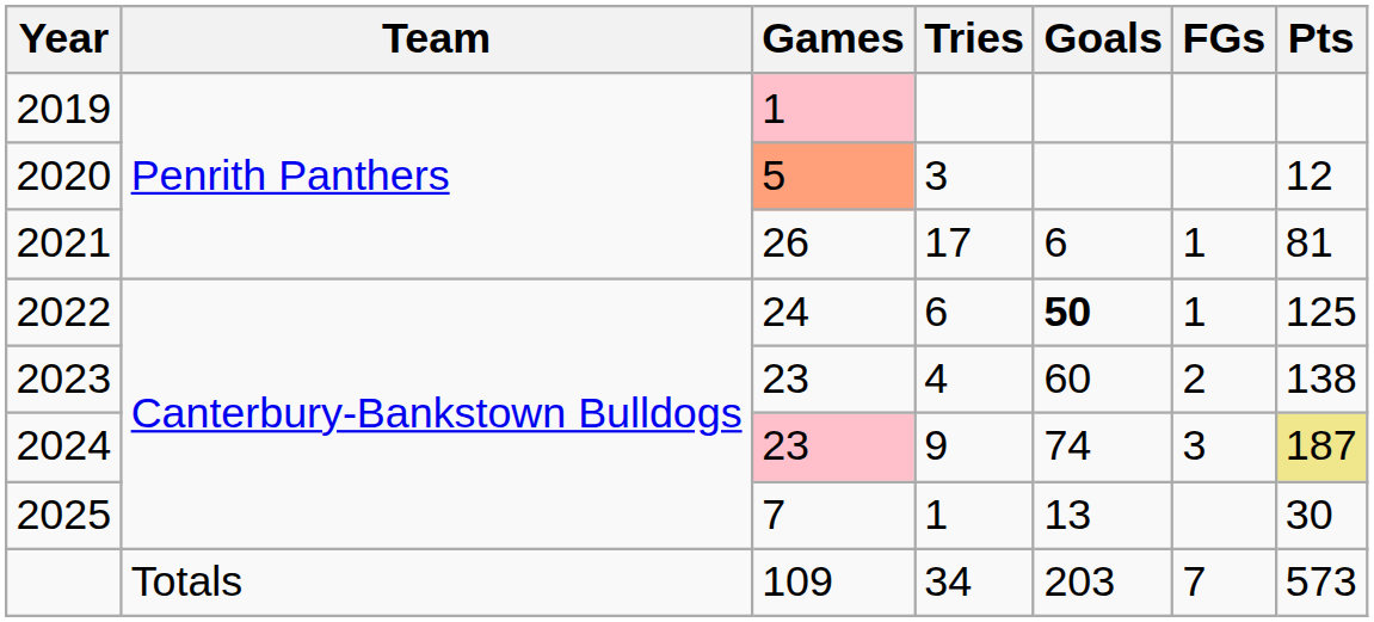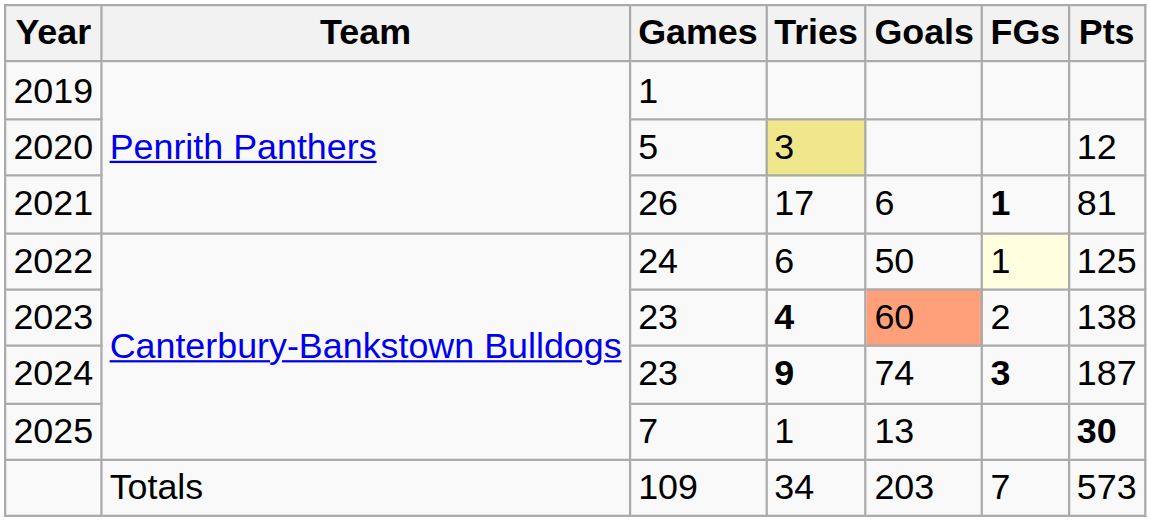 <table class="wikitable">
 <tr>
 <th>Year</th>
 <th>Team</th>
 <th>Games</th>
 <th>Tries</th>
 <th>Goals</th>
 <th>FGs</th>
 <th>Pts</th>
 </tr>
 <tr>
 <td>2019</td>
 <td rowspan="3"> <a href='#'>Penrith Panthers</a></td>
-<td style="background: pink;">1</td>
+<td>1</td>
 <td></td>
 <td></td>
 <td></td>
 <td></td>
 </tr>
 <tr>
 <td>2020</td>
-<td style="background: lightsalmon;">5</td>
-<td>3</td>
+<td>5</td>
+<td style="background: khaki;">3</td>
 <td></td>
 <td></td>
 <td>12</td>
 </tr>
 <tr>
 <td>2021</td>
 <td>26</td>
 <td>17</td>
 <td>6</td>
-<td>1</td>
+<td><strong>1</strong></td>
 <td>81</td>
 </tr>
 <tr>
 <td>2022</td>
 <td rowspan="4"> <a href='#'>Canterbury-Bankstown Bulldogs</a></td>
 <td>24</td>
 <td>6</td>
-<td><strong>50</strong></td>
-<td>1</td>
+<td>50</td>
+<td style="background: lightyellow;">1</td>
 <td>125</td>
 </tr>
 <tr>
 <td>2023</td>
 <td>23</td>
-<td>4</td>
-<td>60</td>
+<td><strong>4</strong></td>
+<td style="background: lightsalmon;">60</td>
 <td>2</td>
 <td>138</td>
 </tr>
 <tr>
 <td>2024</td>
-<td style="background: pink;">23</td>
-<td>9</td>
+<td>23</td>
+<td><strong>9</strong></td>
 <td>74</td>
-<td>3</td>
-<td style="background: khaki;">187</td>
+<td><strong>3</strong></td>
+<td>187</td>
 </tr>
 <tr>
 <td>2025</td>
 <td>7</td>
 <td>1</td>
 <td>13</td>
 <td></td>
-<td>30</td>
+<td><strong>30</strong></td>
 </tr>
 <tr>
 <td></td>
 <td>Totals</td>
 <td>109</td>
 <td>34</td>
 <td>203</td>
 <td>7</td>
 <td>573</td>
 </tr>
 </table>
